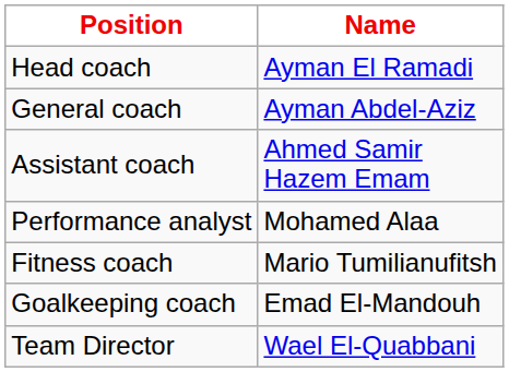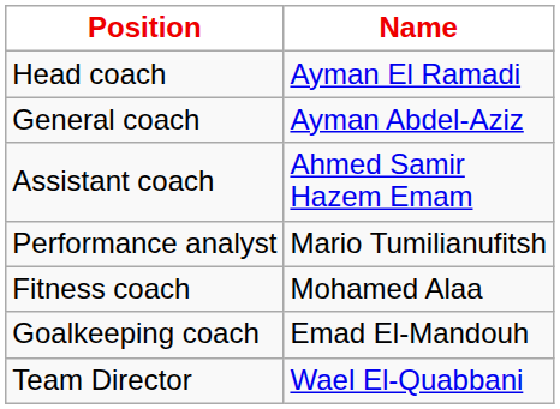 <table class="wikitable">
 <tr>
 <th style="background:#FFFFFF; color:#E00; ">Position</th>
 <th style="background:#FFFFFF; color:#E00; ">Name</th>
 </tr>
 <tr>
 <td>Head coach</td>
 <td> <a href='#'>Ayman El Ramadi</a></td>
 </tr>
 <tr>
 <td>General coach</td>
 <td> <a href='#'>Ayman Abdel-Aziz</a></td>
 </tr>
 <tr>
 <td>Assistant coach</td>
 <td> <a href='#'> Ahmed Samir</a> <br>  <a href='#'> Hazem Emam</a></td>
 </tr>
 <tr>
 <td>Performance analyst</td>
-<td> Mohamed Alaa</td>
+<td> Mario Tumilianufitsh</td>
 </tr>
 <tr>
 <td>Fitness coach</td>
-<td> Mario Tumilianufitsh</td>
+<td> Mohamed Alaa</td>
 </tr>
 <tr>
 <td>Goalkeeping coach</td>
 <td> Emad El-Mandouh</td>
 </tr>
 <tr>
 <td>Team Director</td>
 <td> <a href='#'>Wael El-Quabbani</a></td>
 </tr>
 </table>
